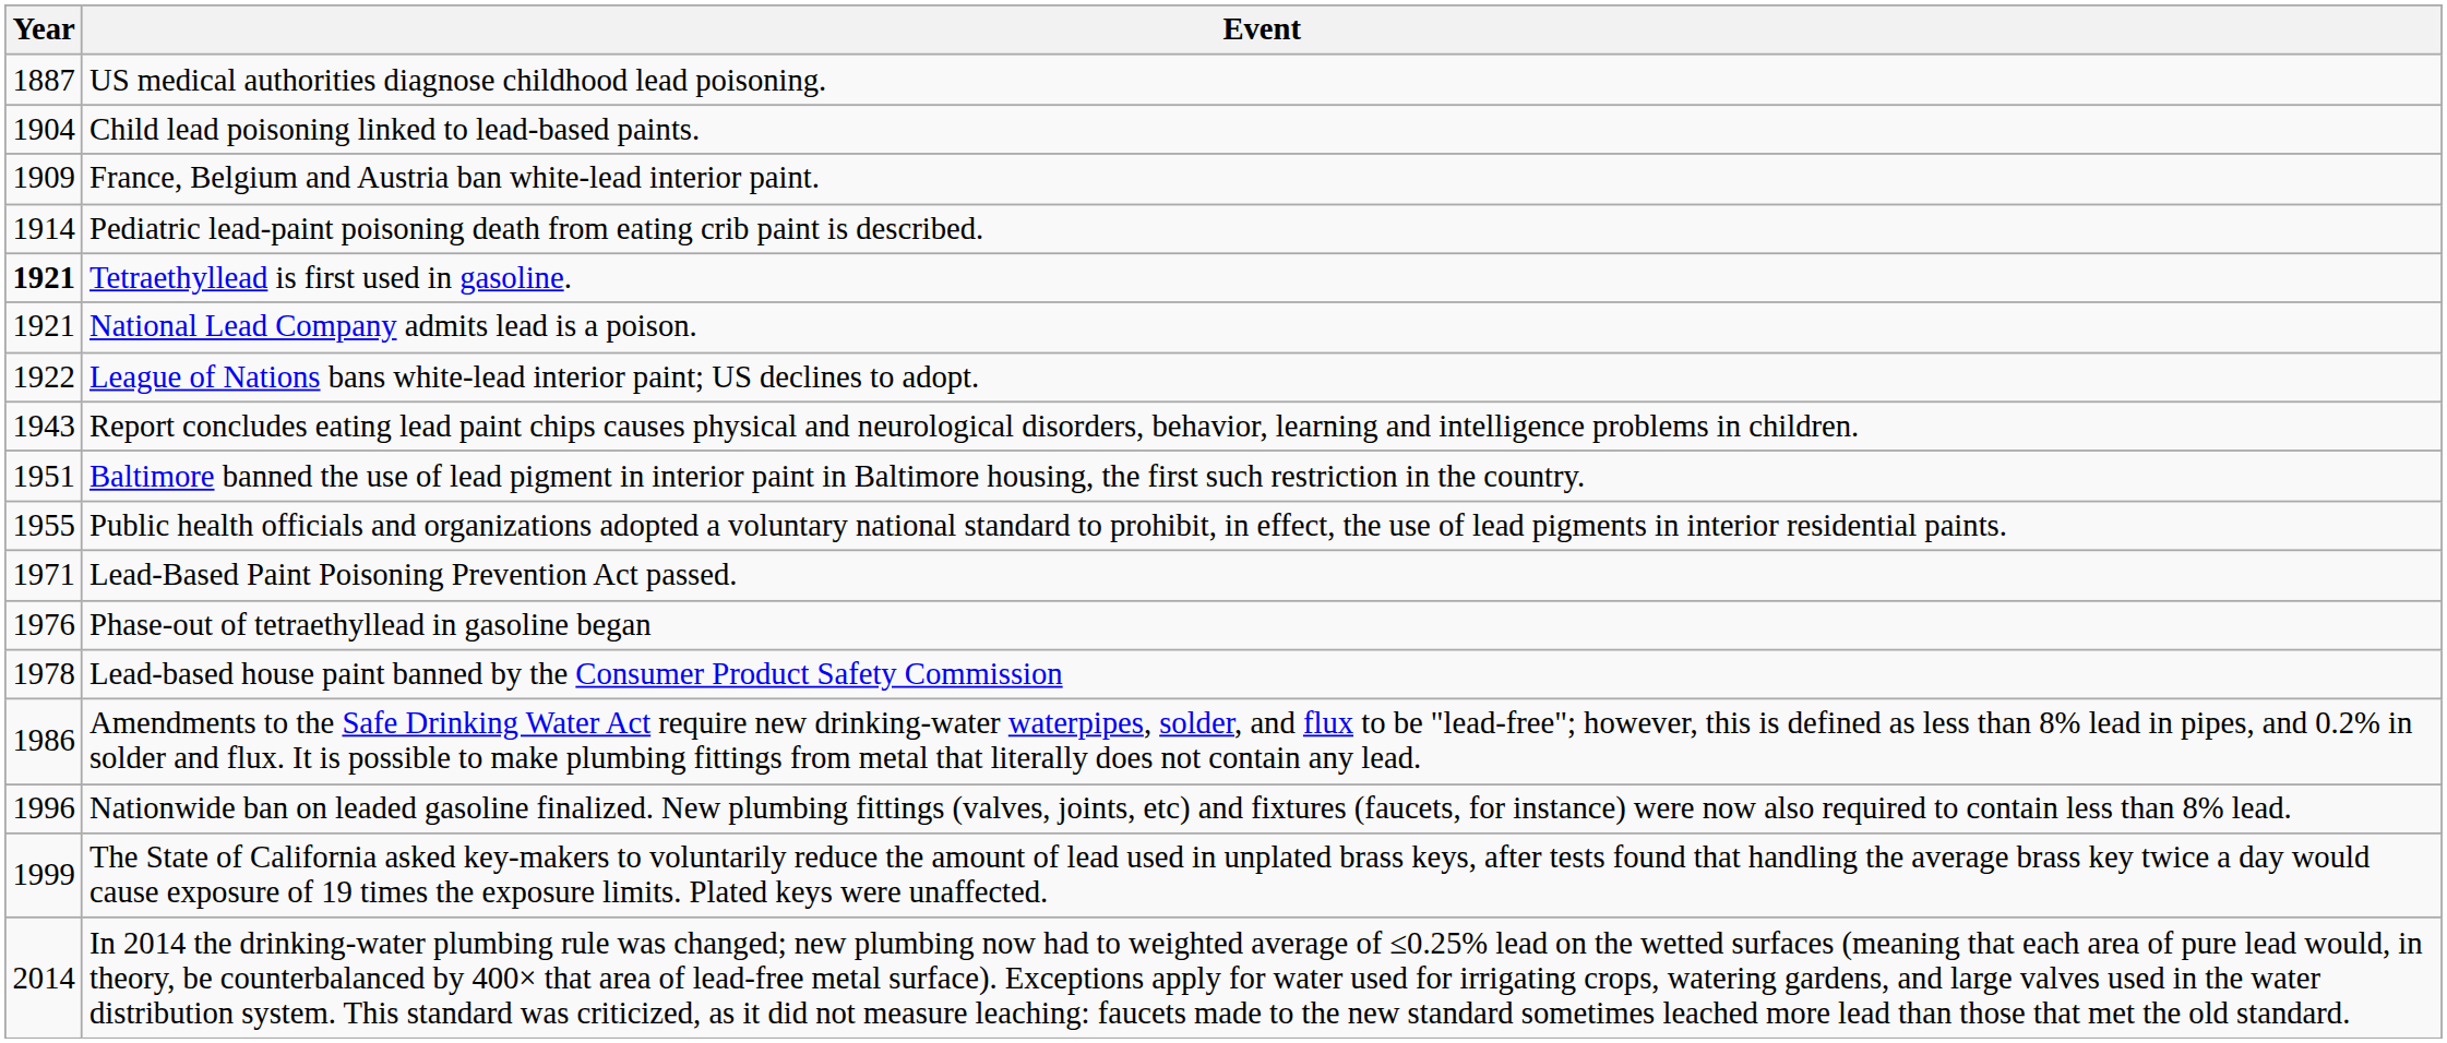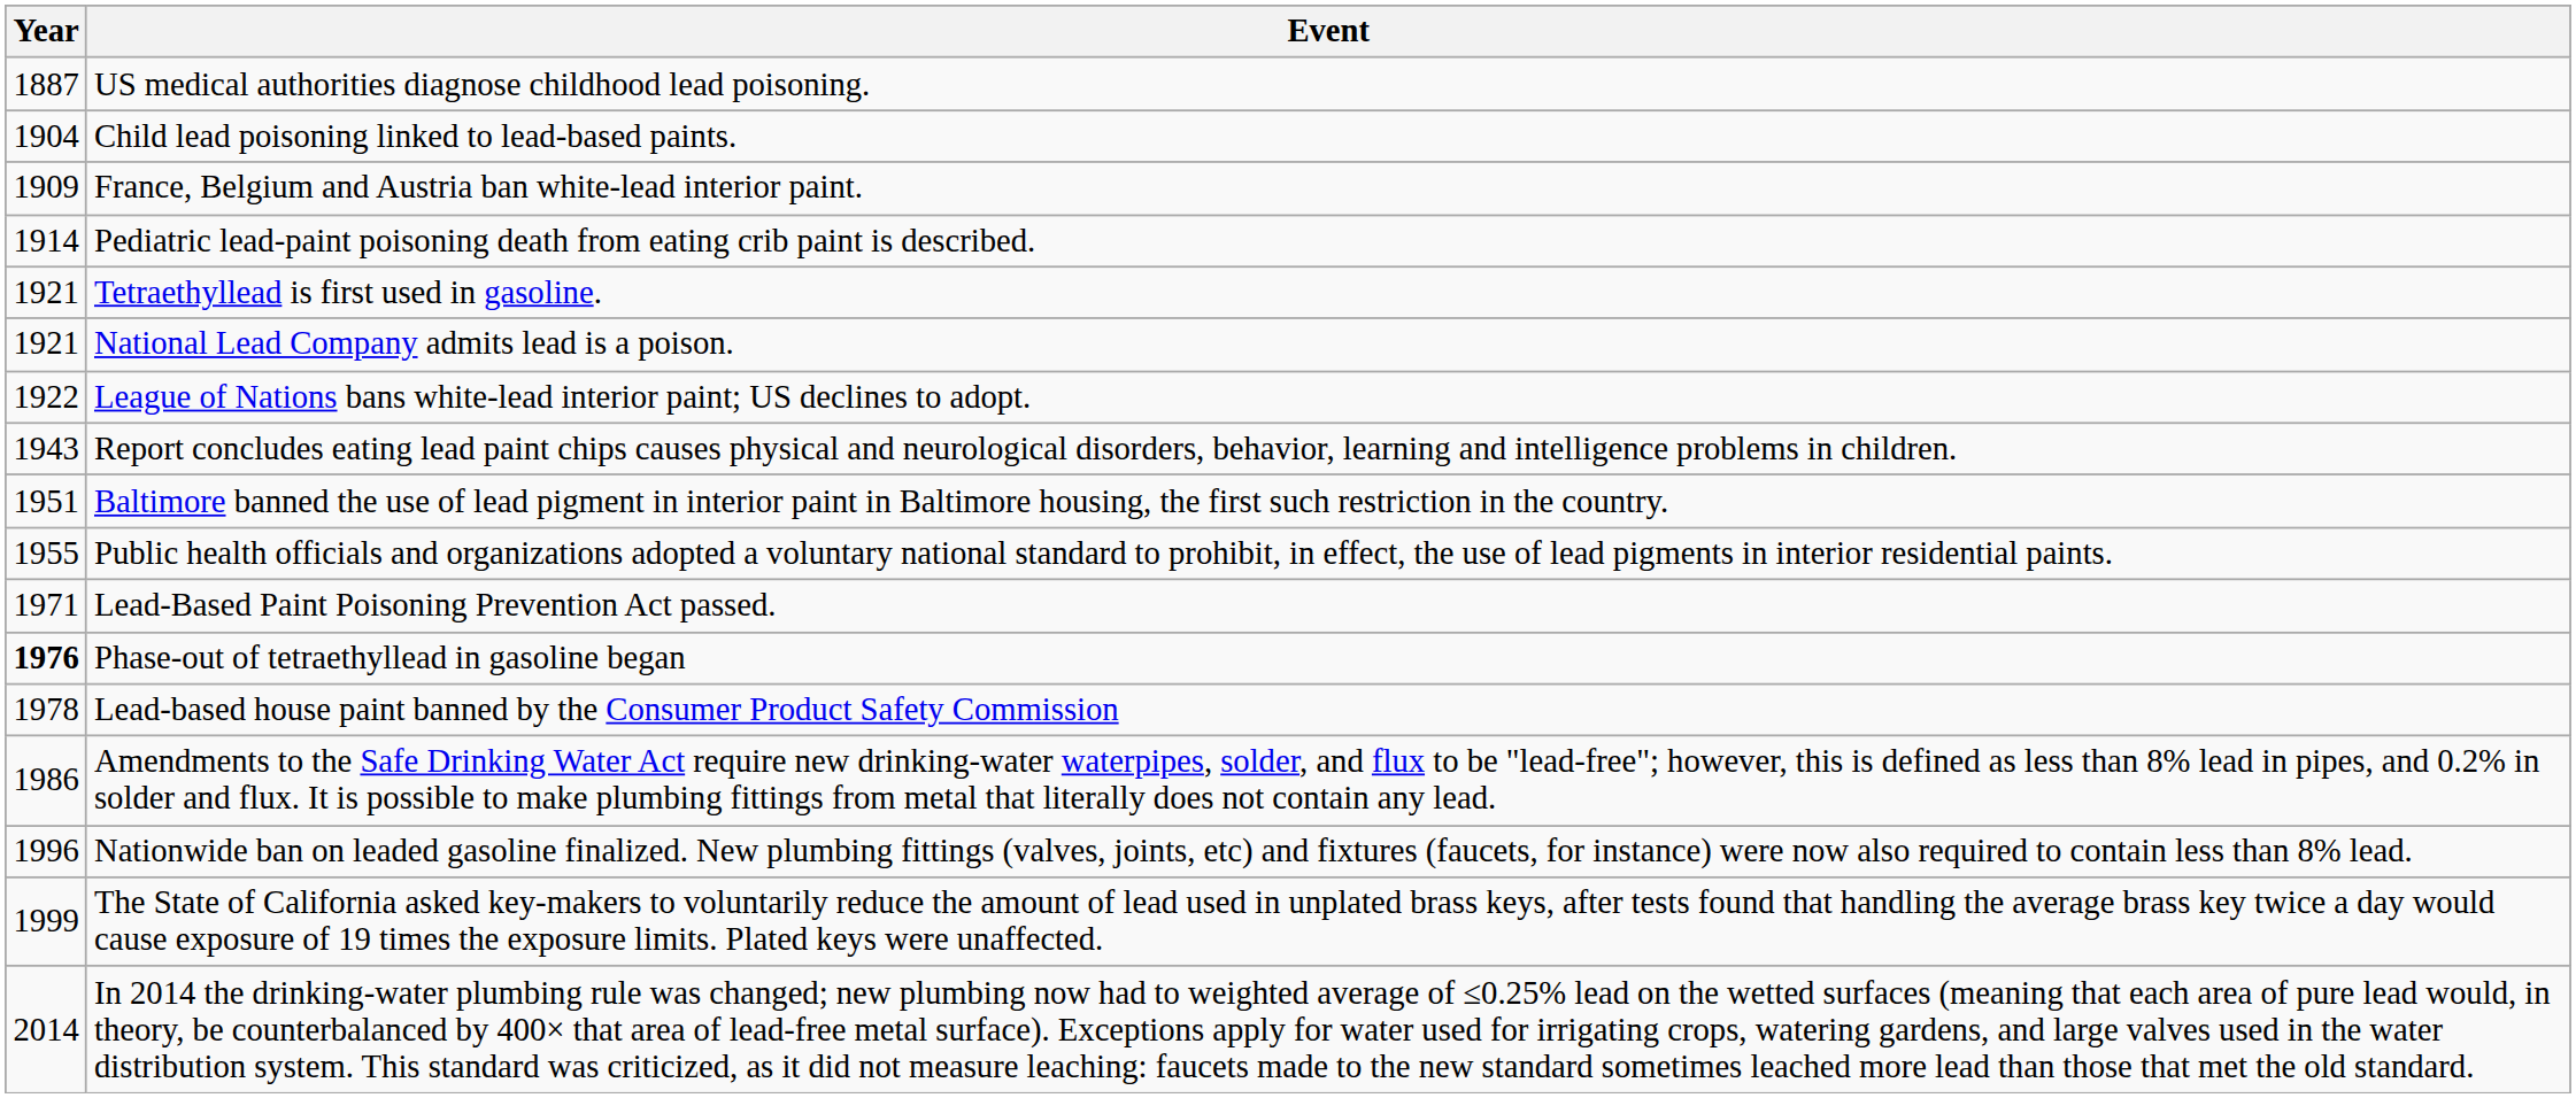 <table class="wikitable">
 <tr>
 <th>Year</th>
 <th>Event</th>
 </tr>
 <tr>
 <td>1887</td>
 <td>US medical authorities diagnose childhood lead poisoning.</td>
 </tr>
 <tr>
 <td>1904</td>
 <td>Child lead poisoning linked to lead-based paints.</td>
 </tr>
 <tr>
 <td>1909</td>
 <td>France, Belgium and Austria ban white-lead interior paint.</td>
 </tr>
 <tr>
 <td>1914</td>
 <td>Pediatric lead-paint poisoning death from eating crib paint is described.</td>
 </tr>
 <tr>
-<td><strong>1921</strong></td>
+<td>1921</td>
 <td><a href='#'>Tetraethyllead</a> is first used in <a href='#'>gasoline</a>.</td>
 </tr>
 <tr>
 <td>1921</td>
 <td><a href='#'>National Lead Company</a> admits lead is a poison.</td>
 </tr>
 <tr>
 <td>1922</td>
 <td><a href='#'>League of Nations</a> bans white-lead interior paint; US declines to adopt.</td>
 </tr>
 <tr>
 <td>1943</td>
 <td>Report concludes eating lead paint chips causes physical and neurological disorders, behavior, learning and intelligence problems in children.</td>
 </tr>
 <tr>
 <td>1951</td>
 <td><a href='#'>Baltimore</a> banned the use of lead pigment in interior paint in Baltimore housing, the first such restriction in the country.</td>
 </tr>
 <tr>
 <td>1955</td>
 <td>Public health officials and organizations adopted a voluntary national standard to prohibit, in effect, the use of lead pigments in interior residential paints.</td>
 </tr>
 <tr>
 <td>1971</td>
 <td>Lead-Based Paint Poisoning Prevention Act passed.</td>
 </tr>
 <tr>
-<td>1976</td>
+<td><strong>1976</strong></td>
 <td>Phase-out of tetraethyllead in gasoline began</td>
 </tr>
 <tr>
 <td>1978</td>
 <td>Lead-based house paint banned by the <a href='#'>Consumer Product Safety Commission</a></td>
 </tr>
 <tr>
 <td>1986</td>
 <td>Amendments to the <a href='#'>Safe Drinking Water Act</a> require new drinking-water <a href='#'>waterpipes</a>, <a href='#'>solder</a>, and <a href='#'>flux</a> to be "lead-free"; however, this is defined as less than 8% lead in pipes, and 0.2% in solder and flux. It is possible to make plumbing fittings from metal that literally does not contain any lead.</td>
 </tr>
 <tr>
 <td>1996</td>
 <td>Nationwide ban on leaded gasoline finalized. New plumbing fittings (valves, joints, etc) and fixtures (faucets, for instance) were now also required to contain less than 8% lead.</td>
 </tr>
 <tr>
 <td>1999</td>
 <td>The State of California asked key-makers to voluntarily reduce the amount of lead used in unplated brass keys, after tests found that handling the average  brass key twice a day would cause exposure of 19 times the exposure limits. Plated keys were unaffected.</td>
 </tr>
 <tr>
 <td>2014</td>
 <td>In 2014 the drinking-water plumbing rule was changed; new plumbing now had to weighted average of ≤0.25% lead on the wetted surfaces (meaning that each area of pure lead would, in theory, be counterbalanced by 400× that area of lead-free metal surface). Exceptions apply for water used for irrigating crops, watering gardens, and large valves used in the water distribution system. This standard was criticized, as it did not measure leaching: faucets made to the new standard sometimes leached more lead than those that met the old standard.</td>
 </tr>
 </table>
